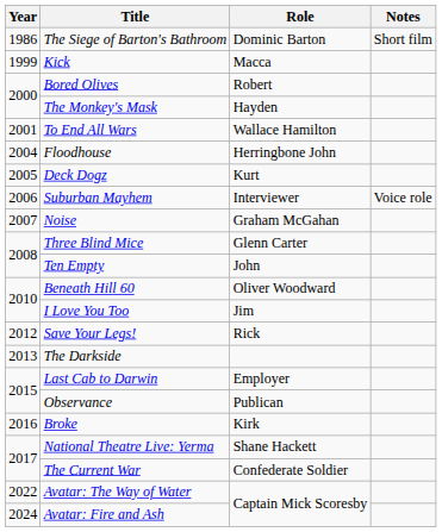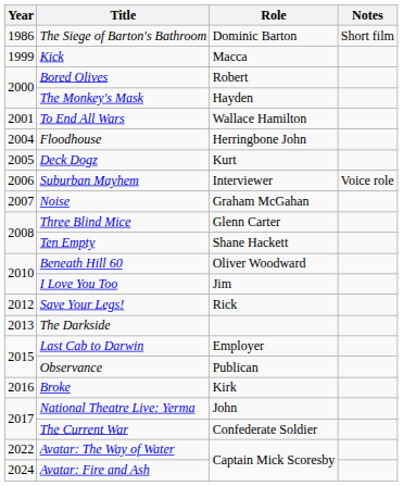 <table class="wikitable sortable">
 <tr>
 <th>Year</th>
 <th>Title</th>
 <th>Role</th>
 <th class="unsortable">Notes</th>
 </tr>
 <tr>
 <td>1986</td>
 <td><em>The Siege of Barton's Bathroom</em></td>
 <td>Dominic Barton</td>
 <td>Short film</td>
 </tr>
 <tr>
 <td>1999</td>
 <td><em><a href='#'>Kick</a></em></td>
 <td>Macca</td>
 <td></td>
 </tr>
 <tr>
 <td rowspan="2">2000</td>
 <td><em><a href='#'>Bored Olives</a></em></td>
 <td>Robert</td>
 <td></td>
 </tr>
 <tr>
 <td><em><a href='#'>The Monkey's Mask</a></em></td>
 <td>Hayden</td>
 <td></td>
 </tr>
 <tr>
 <td>2001</td>
 <td><em><a href='#'>To End All Wars</a></em></td>
 <td>Wallace Hamilton</td>
 <td></td>
 </tr>
 <tr>
 <td>2004</td>
 <td><em>Floodhouse</em></td>
 <td>Herringbone John</td>
 <td></td>
 </tr>
 <tr>
 <td>2005</td>
 <td><em><a href='#'>Deck Dogz</a></em></td>
 <td>Kurt</td>
 <td></td>
 </tr>
 <tr>
 <td>2006</td>
 <td><em><a href='#'>Suburban Mayhem</a></em></td>
 <td>Interviewer</td>
 <td>Voice role</td>
 </tr>
 <tr>
 <td>2007</td>
 <td><em><a href='#'>Noise</a></em></td>
 <td>Graham McGahan</td>
 <td></td>
 </tr>
 <tr>
 <td rowspan="2">2008</td>
 <td><em><a href='#'>Three Blind Mice</a></em></td>
 <td>Glenn Carter</td>
 <td></td>
 </tr>
 <tr>
 <td><em><a href='#'>Ten Empty</a></em></td>
-<td>John</td>
+<td>Shane Hackett</td>
 <td></td>
 </tr>
 <tr>
 <td rowspan="2">2010</td>
 <td><em><a href='#'>Beneath Hill 60</a></em></td>
 <td>Oliver Woodward</td>
 <td></td>
 </tr>
 <tr>
 <td><em><a href='#'>I Love You Too</a></em></td>
 <td>Jim</td>
 <td></td>
 </tr>
 <tr>
 <td>2012</td>
 <td><em><a href='#'>Save Your Legs!</a></em></td>
 <td>Rick</td>
 <td></td>
 </tr>
 <tr>
 <td>2013</td>
 <td><em>The Darkside</em></td>
 <td></td>
 <td></td>
 </tr>
 <tr>
 <td rowspan="2">2015</td>
 <td><em><a href='#'>Last Cab to Darwin</a></em></td>
 <td>Employer</td>
 <td></td>
 </tr>
 <tr>
 <td><em>Observance</em></td>
 <td>Publican</td>
 <td></td>
 </tr>
 <tr>
 <td>2016</td>
 <td><em><a href='#'>Broke</a></em></td>
 <td>Kirk</td>
 <td></td>
 </tr>
 <tr>
 <td rowspan="2">2017</td>
 <td><em><a href='#'>National Theatre Live: Yerma</a></em></td>
-<td>Shane Hackett</td>
+<td>John</td>
 <td></td>
 </tr>
 <tr>
 <td><em><a href='#'>The Current War</a></em></td>
 <td>Confederate Soldier</td>
 <td></td>
 </tr>
 <tr>
 <td>2022</td>
 <td><em><a href='#'>Avatar: The Way of Water</a></em></td>
 <td rowspan="2">Captain Mick Scoresby</td>
 <td></td>
 </tr>
 <tr>
 <td>2024</td>
 <td><em><a href='#'>Avatar: Fire and Ash</a></em></td>
 <td></td>
 </tr>
 </table>
